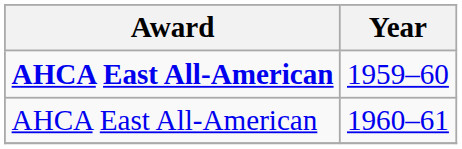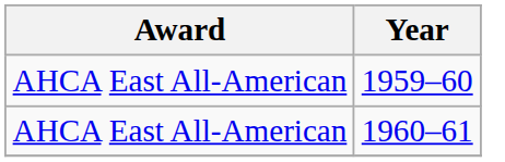 <table class="wikitable">
 <tr>
 <th>Award</th>
 <th>Year</th>
 </tr>
 <tr>
-<td><strong><a href='#'>AHCA</a> <a href='#'>East All-American</a></strong></td>
+<td><a href='#'>AHCA</a> <a href='#'>East All-American</a></td>
 <td><a href='#'>1959–60</a></td>
 </tr>
 <tr>
 <td><a href='#'>AHCA</a> <a href='#'>East All-American</a></td>
 <td><a href='#'>1960–61</a></td>
 </tr>
 <tr>
 </tr>
 </table>
